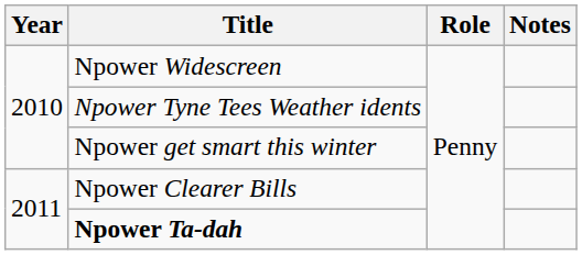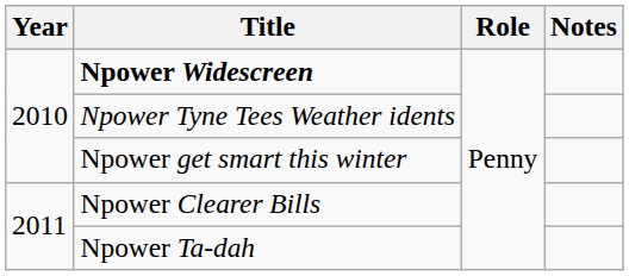 <table class="wikitable sortable">
 <tr>
 <th>Year</th>
 <th>Title</th>
 <th>Role</th>
 <th class="unsortable">Notes</th>
 </tr>
 <tr>
 <td rowspan="3">2010</td>
-<td>Npower <em>Widescreen</em></td>
+<td><strong>Npower <em>Widescreen</em></strong></td>
 <td rowspan="5">Penny</td>
 <td></td>
 </tr>
 <tr>
 <td><em>Npower Tyne Tees Weather idents</em></td>
 <td></td>
 </tr>
 <tr>
 <td>Npower <em>get smart this winter</em></td>
 <td></td>
 </tr>
 <tr>
 <td rowspan="2">2011</td>
 <td>Npower <em>Clearer Bills</em></td>
 <td></td>
 </tr>
 <tr>
-<td><strong>Npower <em>Ta-dah</em></strong></td>
+<td>Npower <em>Ta-dah</em></td>
 <td></td>
 </tr>
 </table>
